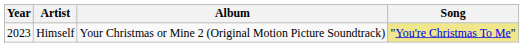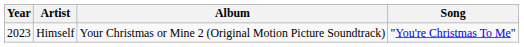 <table class="wikitable sortable plainrowheaders" style="text-align:center;">
 <tr>
 <th>Year</th>
 <th>Artist</th>
 <th>Album</th>
 <th>Song</th>
 </tr>
 <tr>
 <td rowspan="16">2023</td>
 <td rowspan="16">Himself</td>
 <td rowspan="16">Your Christmas or Mine 2 (Original Motion Picture Soundtrack)</td>
-<td style="background: khaki;">"<a href='#'>You're Christmas To Me</a>"</td>
+<td>"<a href='#'>You're Christmas To Me</a>"</td>
 </tr>
 </table>
